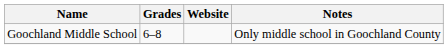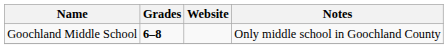 <table class="wikitable">
 <tr>
 <th>Name</th>
 <th>Grades</th>
 <th>Website</th>
 <th>Notes</th>
 </tr>
 <tr>
 <td>Goochland Middle School</td>
-<td>6–8</td>
+<td><strong>6–8</strong></td>
 <td></td>
 <td>Only middle school in Goochland County</td>
 </tr>
 <tr>
 </tr>
 </table>
